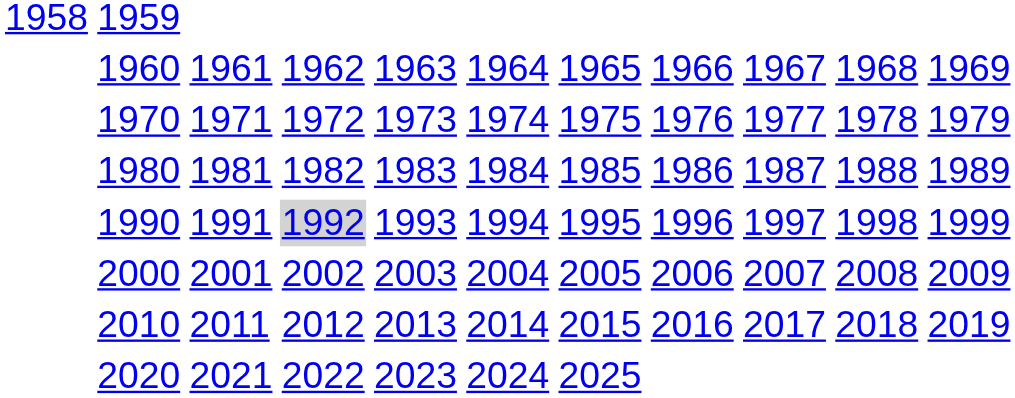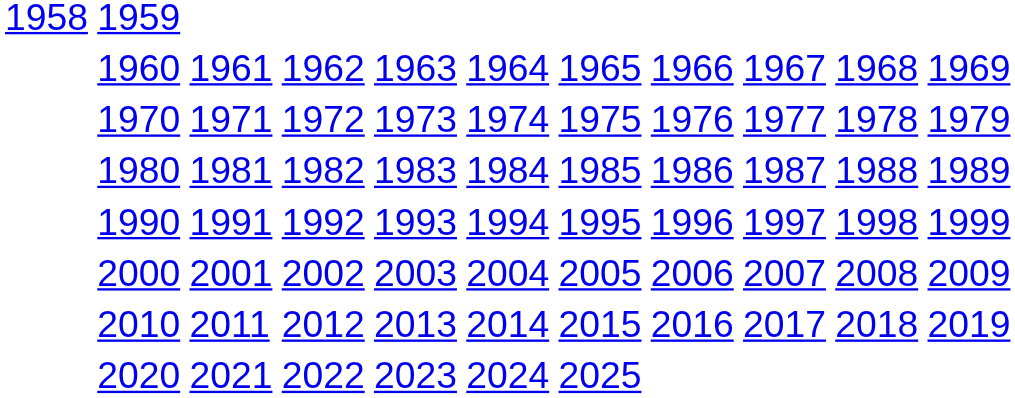 <table>
 <tr>
 <td><a href='#'>1958</a></td>
 <td><a href='#'>1959</a></td>
 </tr>
 <tr>
 <td></td>
 <td><a href='#'>1960</a></td>
 <td><a href='#'>1961</a></td>
 <td><a href='#'>1962</a></td>
 <td><a href='#'>1963</a></td>
 <td><a href='#'>1964</a></td>
 <td><a href='#'>1965</a></td>
 <td><a href='#'>1966</a></td>
 <td><a href='#'>1967</a></td>
 <td><a href='#'>1968</a></td>
 <td><a href='#'>1969</a></td>
 </tr>
 <tr>
 <td></td>
 <td><a href='#'>1970</a></td>
 <td><a href='#'>1971</a></td>
 <td><a href='#'>1972</a></td>
 <td><a href='#'>1973</a></td>
 <td><a href='#'>1974</a></td>
 <td><a href='#'>1975</a></td>
 <td><a href='#'>1976</a></td>
 <td><a href='#'>1977</a></td>
 <td><a href='#'>1978</a></td>
 <td><a href='#'>1979</a></td>
 </tr>
 <tr>
 <td></td>
 <td><a href='#'>1980</a></td>
 <td><a href='#'>1981</a></td>
 <td><a href='#'>1982</a></td>
 <td><a href='#'>1983</a></td>
 <td><a href='#'>1984</a></td>
 <td><a href='#'>1985</a></td>
 <td><a href='#'>1986</a></td>
 <td><a href='#'>1987</a></td>
 <td><a href='#'>1988</a></td>
 <td><a href='#'>1989</a></td>
 </tr>
 <tr>
 <td></td>
 <td><a href='#'>1990</a></td>
 <td><a href='#'>1991</a></td>
-<td style="background: lightgrey;"><a href='#'>1992</a></td>
+<td><a href='#'>1992</a></td>
 <td><a href='#'>1993</a></td>
 <td><a href='#'>1994</a></td>
 <td><a href='#'>1995</a></td>
 <td><a href='#'>1996</a></td>
 <td><a href='#'>1997</a></td>
 <td><a href='#'>1998</a></td>
 <td><a href='#'>1999</a></td>
 </tr>
 <tr>
 <td></td>
 <td><a href='#'>2000</a></td>
 <td><a href='#'>2001</a></td>
 <td><a href='#'>2002</a></td>
 <td><a href='#'>2003</a></td>
 <td><a href='#'>2004</a></td>
 <td><a href='#'>2005</a></td>
 <td><a href='#'>2006</a></td>
 <td><a href='#'>2007</a></td>
 <td><a href='#'>2008</a></td>
 <td><a href='#'>2009</a></td>
 </tr>
 <tr>
 <td></td>
 <td><a href='#'>2010</a></td>
 <td><a href='#'>2011</a></td>
 <td><a href='#'>2012</a></td>
 <td><a href='#'>2013</a></td>
 <td><a href='#'>2014</a></td>
 <td><a href='#'>2015</a></td>
 <td><a href='#'>2016</a></td>
 <td><a href='#'>2017</a></td>
 <td><a href='#'>2018</a></td>
 <td><a href='#'>2019</a></td>
 </tr>
 <tr>
 <td></td>
 <td><a href='#'>2020</a></td>
 <td><a href='#'>2021</a></td>
 <td><a href='#'>2022</a></td>
 <td><a href='#'>2023</a></td>
 <td><a href='#'>2024</a></td>
 <td><a href='#'>2025</a></td>
 </tr>
 </table>
